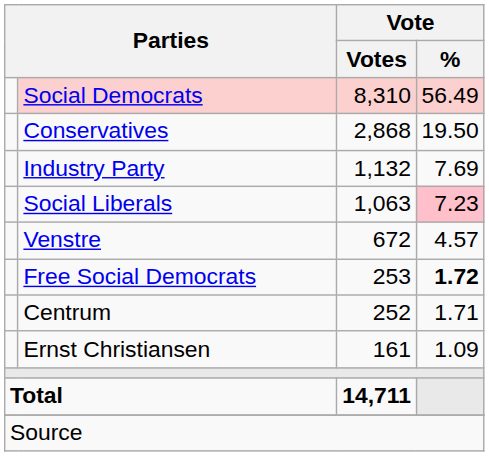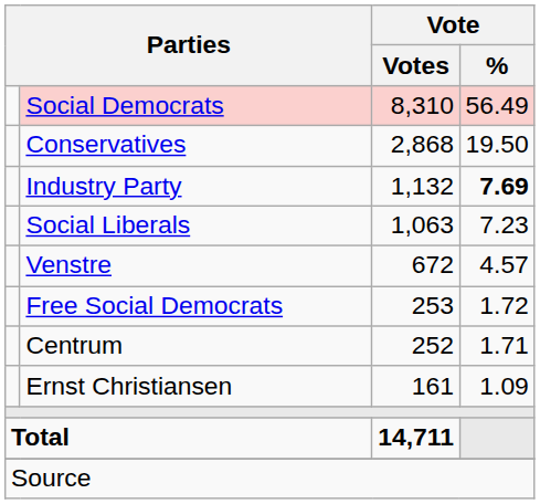 <table class="wikitable" style="text-align:right;">
 <tr>
 <th style="text-align:centre;" rowspan="2" colspan="2" width="225">Parties</th>
 <th colspan="3">Vote</th>
 </tr>
 <tr>
 <th width="15">Votes</th>
 <th width="15">%</th>
 </tr>
 <tr>
 <td width="2" style="color:inherit;background:"></td>
 <td bgcolor=#fbd0ce  align="left"><a href='#'>Social Democrats</a></td>
 <td bgcolor=#fbd0ce>8,310</td>
 <td bgcolor=#fbd0ce>56.49</td>
 </tr>
 <tr>
 <td width="2" style="color:inherit;background:"></td>
 <td align="left"><a href='#'>Conservatives</a></td>
 <td>2,868</td>
 <td>19.50</td>
 </tr>
 <tr>
 <td width="2" style="color:inherit;background:"></td>
 <td align="left"><a href='#'>Industry Party</a></td>
 <td>1,132</td>
-<td>7.69</td>
+<td><strong>7.69</strong></td>
 </tr>
 <tr>
 <td width="2" style="color:inherit;background:"></td>
 <td align="left"><a href='#'>Social Liberals</a></td>
 <td>1,063</td>
-<td style="background: pink;">7.23</td>
+<td>7.23</td>
 </tr>
 <tr>
 <td width="2" style="color:inherit;background:"></td>
 <td align="left"><a href='#'>Venstre</a></td>
 <td>672</td>
 <td>4.57</td>
 </tr>
 <tr>
 <td width="2" style="color:inherit;background:"></td>
 <td align="left"><a href='#'>Free Social Democrats</a></td>
 <td>253</td>
-<td><strong>1.72</strong></td>
+<td>1.72</td>
 </tr>
 <tr>
 <td width="2" style="color:inherit;background:"></td>
 <td align="left">Centrum</td>
 <td>252</td>
 <td>1.71</td>
 </tr>
 <tr>
 <td width="2" style="color:inherit;background:"></td>
 <td align="left">Ernst Christiansen</td>
 <td>161</td>
 <td>1.09</td>
 </tr>
 <tr>
 <td colspan="7" bgcolor="#E9E9E9"></td>
 </tr>
 <tr>
 <td align="left" colspan="2"><strong>Total</strong></td>
 <td><strong>14,711</strong></td>
 <td bgcolor="#E9E9E9" colspan="2"></td>
 </tr>
 <tr>
 </tr>
 <tr>
 <td align="left" colspan="6">Source</td>
 </tr>
 </table>
